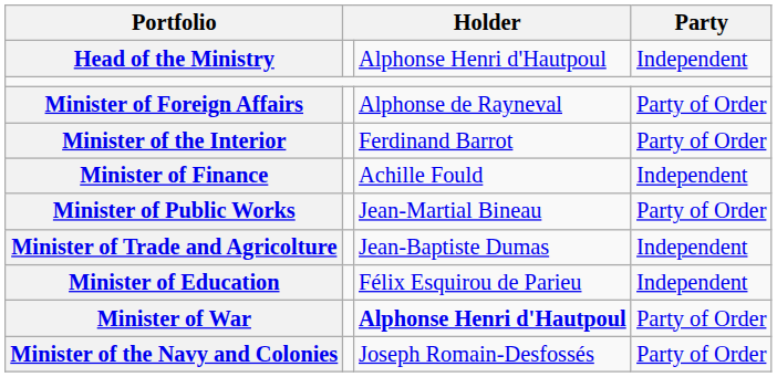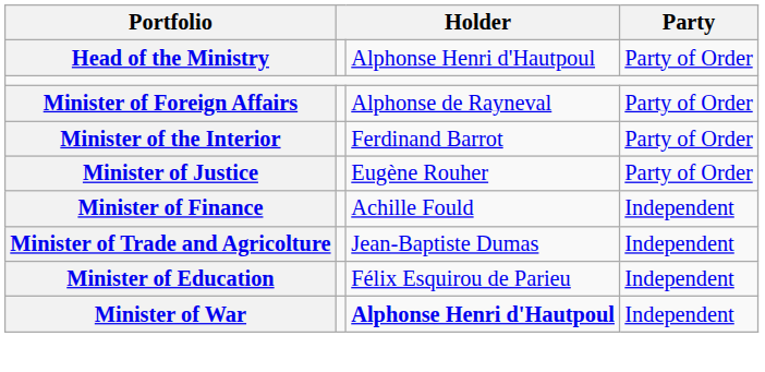 <table class="wikitable">
 <tr>
 <th>Portfolio</th>
 <th colspan=2>Holder</th>
 <th>Party</th>
 </tr>
 <tr>
 <th><a href='#'>Head of the Ministry</a></th>
 <td style="background:"></td>
 <td><a href='#'>Alphonse Henri d'Hautpoul</a></td>
-<td><a href='#'>Independent</a></td>
+<td><a href='#'>Party of Order</a></td>
 </tr>
 <tr>
 <td colspan=4></td>
 </tr>
 <tr>
 <th><a href='#'>Minister of Foreign Affairs</a></th>
 <td style="background:"></td>
 <td><a href='#'>Alphonse de Rayneval</a></td>
 <td><a href='#'>Party of Order</a></td>
 </tr>
 <tr>
 <th><a href='#'>Minister of the Interior</a></th>
 <td style="background:"></td>
 <td><a href='#'>Ferdinand Barrot</a></td>
 <td><a href='#'>Party of Order</a></td>
 </tr>
 <tr>
+<th><a href='#'>Minister of Justice</a></th>
+<td style="background:"></td>
+<td><a href='#'>Eugène Rouher</a></td>
+<td><a href='#'>Party of Order</a></td>
+</tr>
+<tr>
 <th><a href='#'>Minister of Finance</a></th>
 <td style="background:"></td>
 <td><a href='#'>Achille Fould</a></td>
 <td><a href='#'>Independent</a></td>
-</tr>
-<tr>
-<th><a href='#'>Minister of Public Works</a></th>
-<td style="background:"></td>
-<td><a href='#'>Jean-Martial Bineau</a></td>
-<td><a href='#'>Party of Order</a></td>
 </tr>
 <tr>
 <th><a href='#'>Minister of Trade and Agricolture</a></th>
 <td style="background:"></td>
 <td><a href='#'>Jean-Baptiste Dumas</a></td>
 <td><a href='#'>Independent</a></td>
 </tr>
 <tr>
 <th><a href='#'>Minister of Education</a></th>
 <td style="background:"></td>
 <td><a href='#'>Félix Esquirou de Parieu</a></td>
 <td><a href='#'>Independent</a></td>
 </tr>
 <tr>
 <th><a href='#'>Minister of War</a></th>
 <td style="background:"></td>
 <td><strong><a href='#'>Alphonse Henri d'Hautpoul</a></strong></td>
-<td><a href='#'>Party of Order</a></td>
-</tr>
-<tr>
-<th><a href='#'>Minister of the Navy and Colonies</a></th>
-<td style="background:"></td>
-<td><a href='#'>Joseph Romain-Desfossés</a></td>
-<td><a href='#'>Party of Order</a></td>
+<td><a href='#'>Independent</a></td>
 </tr>
 </table>
